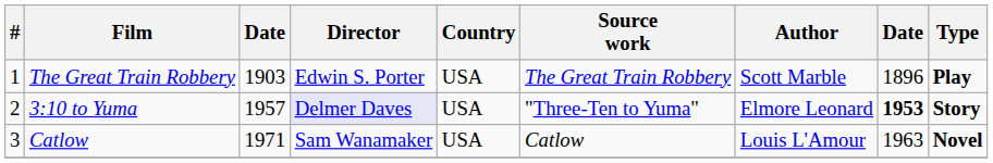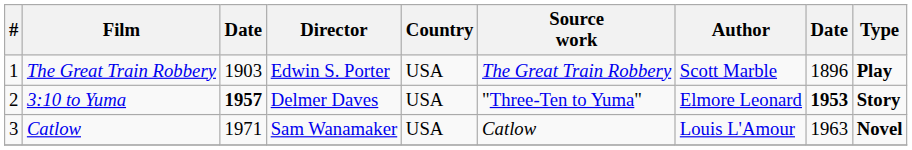 <table class="wikitable">
 <tr>
 <th>#</th>
 <th>Film</th>
 <th>Date</th>
 <th>Director</th>
 <th>Country</th>
 <th>Source<br>work</th>
 <th>Author</th>
 <th>Date</th>
 <th>Type</th>
 </tr>
 <tr>
 <td>1</td>
 <td><em><a href='#'>The Great Train Robbery</a></em></td>
 <td>1903</td>
 <td><a href='#'>Edwin S. Porter</a></td>
 <td>USA</td>
 <td><em><a href='#'>The Great Train Robbery</a></em></td>
 <td><a href='#'>Scott Marble</a></td>
 <td>1896</td>
 <td><strong>Play</strong></td>
 </tr>
 <tr>
 <td>2</td>
 <td><em><a href='#'>3:10 to Yuma</a></em></td>
-<td>1957</td>
-<td style="background: lavender;"><a href='#'>Delmer Daves</a></td>
+<td><strong>1957</strong></td>
+<td><a href='#'>Delmer Daves</a></td>
 <td>USA</td>
 <td>"<a href='#'>Three-Ten to Yuma</a>"</td>
 <td><a href='#'>Elmore Leonard</a></td>
 <td><strong>1953</strong></td>
 <td><strong>Story</strong></td>
 </tr>
 <tr>
 <td>3</td>
 <td><em><a href='#'>Catlow</a></em></td>
 <td>1971</td>
 <td><a href='#'>Sam Wanamaker</a></td>
 <td>USA</td>
 <td><em>Catlow</em></td>
 <td><a href='#'>Louis L'Amour</a></td>
 <td>1963</td>
 <td><strong>Novel</strong></td>
 </tr>
 <tr>
 </tr>
 </table>
